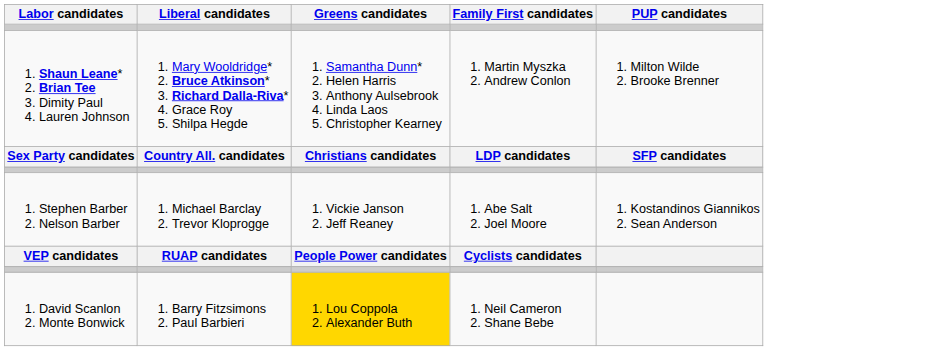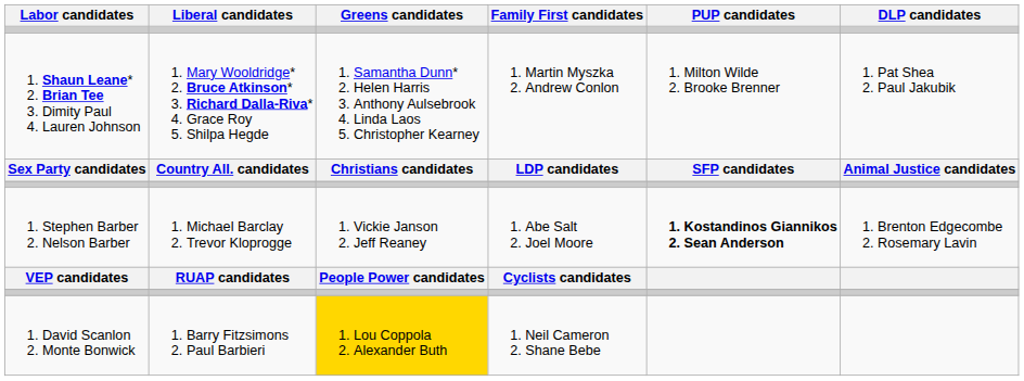 <table class="wikitable">
 <tr>
 <th><a href='#'>Labor</a> candidates</th>
 <th><a href='#'>Liberal</a> candidates</th>
 <th><a href='#'>Greens</a> candidates</th>
 <th><a href='#'>Family First</a> candidates</th>
 <th><a href='#'>PUP</a> candidates</th>
+<th><a href='#'>DLP</a> candidates</th>
 </tr>
 <tr bgcolor="#cccccc">
+<td></td>
 <td></td>
 <td></td>
 <td></td>
 <td></td>
 <td></td>
 </tr>
 <tr>
 <td><br><ol><li><strong><a href='#'>Shaun Leane</a></strong>*</li><li><strong><a href='#'>Brian Tee</a></strong></li><li>Dimity Paul</li><li>Lauren Johnson</li></ol></td>
 <td><br><ol><li><a href='#'>Mary Wooldridge</a>*</li><li><strong><a href='#'>Bruce Atkinson</a></strong>*</li><li><strong><a href='#'>Richard Dalla-Riva</a></strong>*</li><li>Grace Roy</li><li>Shilpa Hegde</li></ol></td>
 <td><br><ol><li><a href='#'>Samantha Dunn</a>*</li><li>Helen Harris</li><li>Anthony Aulsebrook</li><li>Linda Laos</li><li>Christopher Kearney</li></ol></td>
 <td valign=top><br><ol><li>Martin Myszka</li><li>Andrew Conlon</li></ol></td>
 <td valign=top><br><ol><li>Milton Wilde</li><li>Brooke Brenner</li></ol></td>
+<td valign=top><br><ol><li>Pat Shea</li><li>Paul Jakubik</li></ol></td>
 </tr>
 <tr bgcolor="#cccccc">
 <th><a href='#'>Sex Party</a> candidates</th>
 <th><a href='#'>Country All.</a> candidates</th>
 <th><a href='#'>Christians</a> candidates</th>
 <th><a href='#'>LDP</a> candidates</th>
 <th><a href='#'>SFP</a> candidates</th>
+<th><a href='#'>Animal Justice</a> candidates</th>
 </tr>
 <tr bgcolor="#cccccc">
+<td></td>
 <td></td>
 <td></td>
 <td></td>
 <td></td>
 <td></td>
 </tr>
 <tr>
 <td valign=top><br><ol><li>Stephen Barber</li><li>Nelson Barber</li></ol></td>
 <td valign=top><br><ol><li>Michael Barclay</li><li>Trevor Kloprogge</li></ol></td>
 <td valign=top><br><ol><li>Vickie Janson</li><li>Jeff Reaney</li></ol></td>
 <td valign=top><br><ol><li>Abe Salt</li><li>Joel Moore</li></ol></td>
-<td valign=top><br><ol><li>Kostandinos Giannikos</li><li>Sean Anderson</li></ol></td>
+<td valign=top><strong><br><ol><li>Kostandinos Giannikos</li><li>Sean Anderson</li></ol></strong></td>
+<td valign=top><br><ol><li>Brenton Edgecombe</li><li>Rosemary Lavin</li></ol></td>
 </tr>
 <tr bgcolor="#cccccc">
 <th><a href='#'>VEP</a> candidates</th>
 <th><a href='#'>RUAP</a> candidates</th>
 <th><a href='#'>People Power</a> candidates</th>
 <th><a href='#'>Cyclists</a> candidates</th>
 <th></th>
+<th></th>
 </tr>
 <tr bgcolor="#cccccc">
+<td></td>
 <td></td>
 <td></td>
 <td></td>
 <td></td>
 <td></td>
 </tr>
 <tr>
 <td valign=top><br><ol><li>David Scanlon</li><li>Monte Bonwick</li></ol></td>
 <td valign=top><br><ol><li>Barry Fitzsimons</li><li>Paul Barbieri</li></ol></td>
 <td valign=top style="background: gold;"><br><ol><li>Lou Coppola</li><li>Alexander Buth</li></ol></td>
 <td valign=top><br><ol><li>Neil Cameron</li><li>Shane Bebe</li></ol></td>
 <td valign=top></td>
+<td valign=top></td>
 </tr>
 </table>
